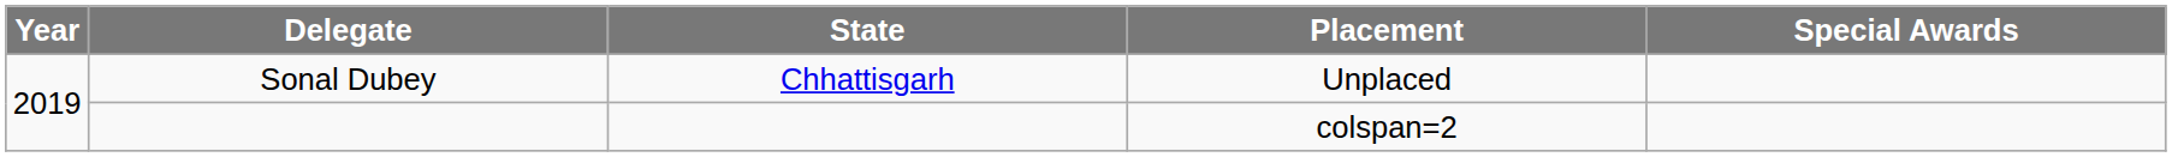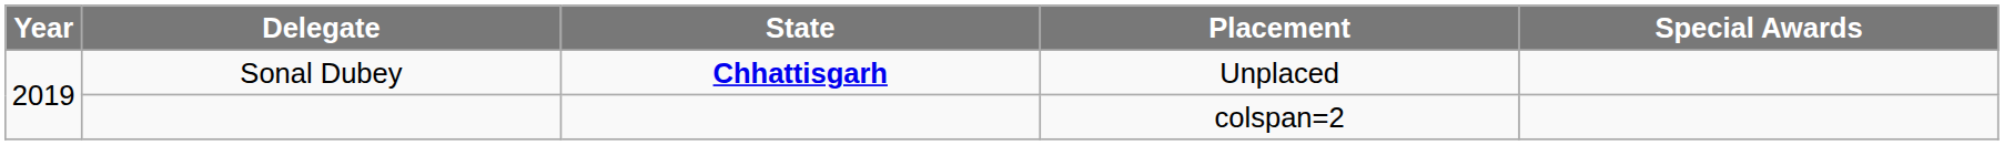 <table class="wikitable sortable" style="font-size: 95%; text-align:center">
 <tr>
 <th width="30" style="background-color:#787878;color:#FFFFFF;">Year</th>
 <th width="250" style="background-color:#787878;color:#FFFFFF;">Delegate</th>
 <th width="250" style="background-color:#787878;color:#FFFFFF;">State</th>
 <th width="250" style="background-color:#787878;color:#FFFFFF;">Placement</th>
 <th width="250" style="background-color:#787878;color:#FFFFFF;">Special Awards</th>
 </tr>
 <tr>
 <td rowspan=2>2019</td>
 <td>Sonal Dubey</td>
-<td><a href='#'>Chhattisgarh</a></td>
+<td><strong><a href='#'>Chhattisgarh</a></strong></td>
 <td>Unplaced</td>
 <td></td>
 </tr>
 <tr>
 <td></td>
 <td></td>
 <td>colspan=2 </td>
 </tr>
 </table>
